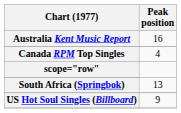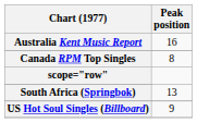 <table class="wikitable sortable plainrowheaders" style="text-align:center">
 <tr>
 <th>Chart (1977)</th>
 <th>Peak<br>position</th>
 </tr>
 <tr>
 <th scope="row">Australia <em><a href='#'>Kent Music Report</a></em> </th>
 <td style="text-align:center;">16</td>
 </tr>
 <tr>
 </tr>
 <tr>
 <th scope="row">Canada <em><a href='#'>RPM</a></em> Top Singles</th>
-<td style="text-align:center;">4</td>
+<td style="text-align:center;">8</td>
 </tr>
 <tr>
 <th>scope="row"</th>
 </tr>
 <tr>
 </tr>
 <tr>
 </tr>
 <tr>
 <th scope="row">South Africa (<a href='#'>Springbok</a>)</th>
 <td align="center">13</td>
 </tr>
 <tr>
 </tr>
 <tr>
 </tr>
 <tr>
 <th scope="row">US <a href='#'>Hot Soul Singles</a> (<em><a href='#'>Billboard</a></em>)</th>
 <td style="text-align:center;">9</td>
 </tr>
 <tr>
 </tr>
 </table>
